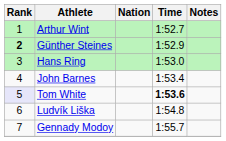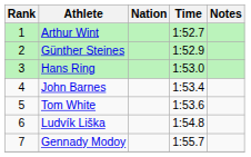 <table class="wikitable sortable" style="text-align:center">
 <tr>
 <th>Rank</th>
 <th>Athlete</th>
 <th>Nation</th>
 <th>Time</th>
 <th>Notes</th>
 </tr>
 <tr bgcolor=bbf3bb>
 <td>1</td>
 <td align=left><a href='#'>Arthur Wint</a></td>
 <td align=left></td>
 <td>1:52.7</td>
 <td></td>
 </tr>
 <tr bgcolor=bbf3bb>
-<td><strong>2</strong></td>
+<td>2</td>
 <td align=left><a href='#'>Günther Steines</a></td>
 <td align=left></td>
 <td>1:52.9</td>
 <td></td>
 </tr>
 <tr bgcolor=bbf3bb>
 <td>3</td>
 <td align=left><a href='#'>Hans Ring</a></td>
 <td align=left></td>
 <td>1:53.0</td>
 <td></td>
 </tr>
 <tr>
 <td>4</td>
 <td align=left><a href='#'>John Barnes</a></td>
 <td align=left></td>
 <td>1:53.4</td>
 <td></td>
 </tr>
 <tr>
-<td style="background: lavender;">5</td>
+<td>5</td>
 <td align=left><a href='#'>Tom White</a></td>
 <td align=left></td>
-<td><strong>1:53.6</strong></td>
+<td>1:53.6</td>
 <td></td>
 </tr>
 <tr>
 <td>6</td>
 <td align=left><a href='#'>Ludvík Liška</a></td>
 <td align=left></td>
 <td>1:54.8</td>
 <td></td>
 </tr>
 <tr>
 <td>7</td>
 <td align=left><a href='#'>Gennady Modoy</a></td>
 <td align=left></td>
 <td>1:55.7</td>
 <td></td>
 </tr>
 <tr>
 </tr>
 </table>
